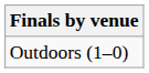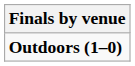 <table class=wikitable style=font-size:97%>
 <tr>
 <th>Finals by venue</th>
 </tr>
 <tr>
-<td>Outdoors (1–0)</td>
+<td><strong>Outdoors (1–0)</strong></td>
 </tr>
 </table>
